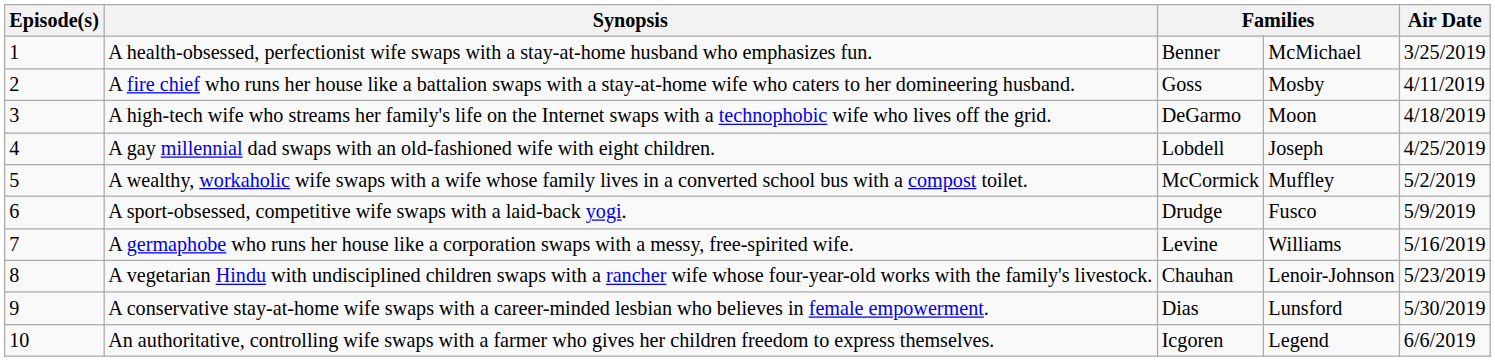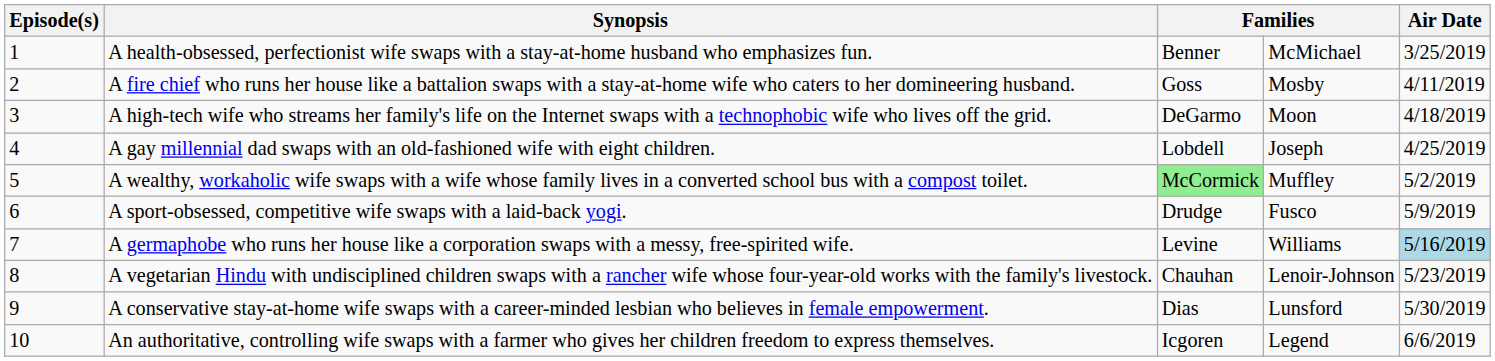 <table class="wikitable">
 <tr>
 <th>Episode(s)</th>
 <th>Synopsis</th>
 <th colspan="2">Families</th>
 <th>Air Date</th>
 </tr>
 <tr>
 <td>1</td>
 <td>A health-obsessed, perfectionist wife swaps with a stay-at-home husband who emphasizes fun.</td>
 <td>Benner</td>
 <td>McMichael</td>
 <td>3/25/2019</td>
 </tr>
 <tr>
 <td>2</td>
 <td>A <a href='#'>fire chief</a> who runs her house like a battalion swaps with a stay-at-home wife who caters to her domineering husband.</td>
 <td>Goss</td>
 <td>Mosby</td>
 <td>4/11/2019</td>
 </tr>
 <tr>
 <td>3</td>
 <td>A high-tech wife who streams her family's life on the Internet swaps with a <a href='#'>technophobic</a> wife who lives off the grid.</td>
 <td>DeGarmo</td>
 <td>Moon</td>
 <td>4/18/2019</td>
 </tr>
 <tr>
 <td>4</td>
 <td>A gay <a href='#'>millennial</a> dad swaps with an old-fashioned wife with eight children.</td>
 <td>Lobdell</td>
 <td>Joseph</td>
 <td>4/25/2019</td>
 </tr>
 <tr>
 <td>5</td>
 <td>A wealthy, <a href='#'>workaholic</a> wife swaps with a wife whose family lives in a converted school bus with a <a href='#'>compost</a> toilet.</td>
-<td>McCormick</td>
+<td style="background: lightgreen;">McCormick</td>
 <td>Muffley</td>
 <td>5/2/2019</td>
 </tr>
 <tr>
 <td>6</td>
 <td>A sport-obsessed, competitive wife swaps with a laid-back <a href='#'>yogi</a>.</td>
 <td>Drudge</td>
 <td>Fusco</td>
 <td>5/9/2019</td>
 </tr>
 <tr>
 <td>7</td>
 <td>A <a href='#'>germaphobe</a> who runs her house like a corporation swaps with a messy, free-spirited wife.</td>
 <td>Levine</td>
 <td>Williams</td>
-<td>5/16/2019</td>
+<td style="background: lightblue;">5/16/2019</td>
 </tr>
 <tr>
 <td>8</td>
 <td>A vegetarian <a href='#'>Hindu</a> with undisciplined children swaps with a <a href='#'>rancher</a> wife whose four-year-old works with the family's livestock.</td>
 <td>Chauhan</td>
 <td>Lenoir-Johnson</td>
 <td>5/23/2019</td>
 </tr>
 <tr>
 <td>9</td>
 <td>A conservative stay-at-home wife swaps with a career-minded lesbian who believes in <a href='#'>female empowerment</a>.</td>
 <td>Dias</td>
 <td>Lunsford</td>
 <td>5/30/2019</td>
 </tr>
 <tr>
 <td>10</td>
 <td>An authoritative, controlling wife swaps with a farmer who gives her children freedom to express themselves.</td>
 <td>Icgoren</td>
 <td>Legend</td>
 <td>6/6/2019</td>
 </tr>
 </table>
